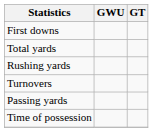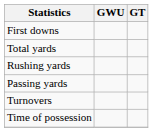 <table class="wikitable" style="float: left;">
 <tr>
 <th>Statistics</th>
 <th>GWU</th>
 <th>GT</th>
 </tr>
 <tr>
 <td>First downs</td>
 <td></td>
 <td></td>
 </tr>
 <tr>
 <td>Total yards</td>
 <td></td>
 <td></td>
 </tr>
 <tr>
 <td>Rushing yards</td>
 <td></td>
 <td></td>
 </tr>
 <tr>
-<td>Turnovers</td>
+<td>Passing yards</td>
 <td></td>
 <td></td>
 </tr>
 <tr>
-<td>Passing yards</td>
+<td>Turnovers</td>
 <td></td>
 <td></td>
 </tr>
 <tr>
 <td>Time of possession</td>
 <td></td>
 <td></td>
 </tr>
 <tr>
 </tr>
 </table>
